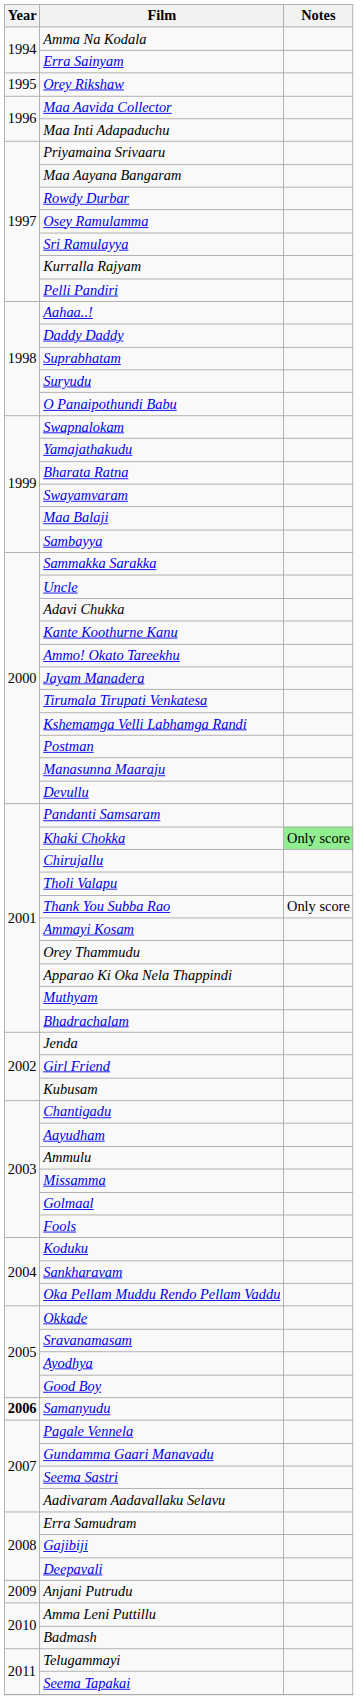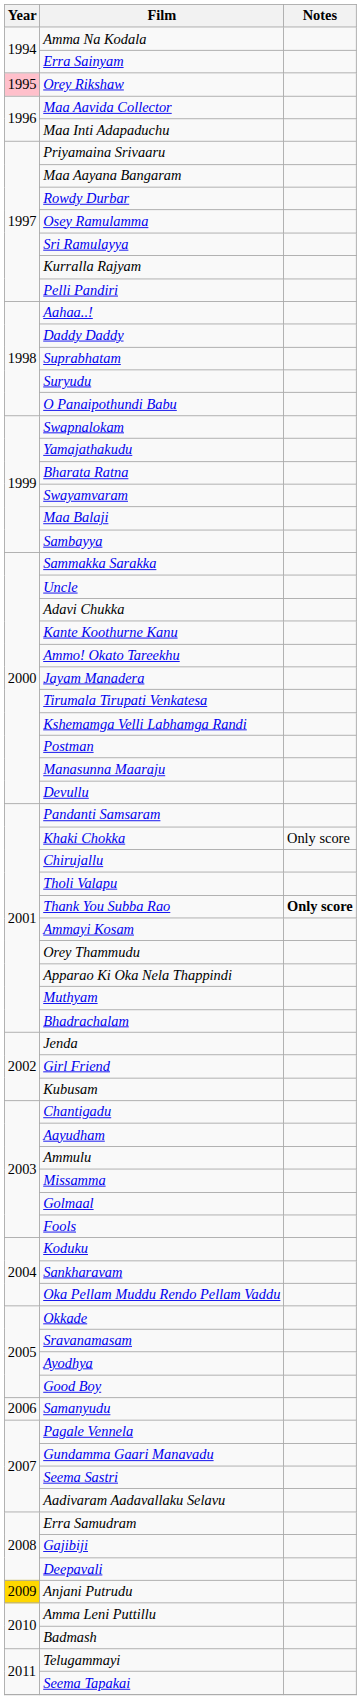 <table class="wikitable sortable">
 <tr>
 <th>Year</th>
 <th>Film</th>
 <th>Notes</th>
 </tr>
 <tr>
 <td rowspan="2">1994</td>
 <td><em>Amma Na Kodala</em></td>
 <td></td>
 </tr>
 <tr>
 <td><em><a href='#'>Erra Sainyam</a></em></td>
 <td></td>
 </tr>
 <tr>
-<td>1995</td>
+<td style="background: pink;">1995</td>
 <td><em><a href='#'>Orey Rikshaw</a></em></td>
 <td></td>
 </tr>
 <tr>
 <td rowspan="2">1996</td>
 <td><em><a href='#'>Maa Aavida Collector</a></em></td>
 <td></td>
 </tr>
 <tr>
 <td><em>Maa Inti Adapaduchu</em></td>
 <td></td>
 </tr>
 <tr>
 <td rowspan="7">1997</td>
 <td><em>Priyamaina Srivaaru</em></td>
 <td></td>
 </tr>
 <tr>
 <td><em>Maa Aayana Bangaram</em></td>
 <td></td>
 </tr>
 <tr>
 <td><em><a href='#'>Rowdy Durbar</a></em></td>
 <td></td>
 </tr>
 <tr>
 <td><em><a href='#'>Osey Ramulamma</a></em></td>
 <td></td>
 </tr>
 <tr>
 <td><em><a href='#'>Sri Ramulayya</a></em></td>
 <td></td>
 </tr>
 <tr>
 <td><em>Kurralla Rajyam</em></td>
 <td></td>
 </tr>
 <tr>
 <td><em><a href='#'>Pelli Pandiri</a></em></td>
 <td></td>
 </tr>
 <tr>
 <td rowspan="5">1998</td>
 <td><em><a href='#'>Aahaa..!</a></em></td>
 <td></td>
 </tr>
 <tr>
 <td><em><a href='#'>Daddy Daddy</a></em></td>
 <td></td>
 </tr>
 <tr>
 <td><em><a href='#'>Suprabhatam</a></em></td>
 <td></td>
 </tr>
 <tr>
 <td><em><a href='#'>Suryudu</a></em></td>
 <td></td>
 </tr>
 <tr>
 <td><em><a href='#'>O Panaipothundi Babu</a></em></td>
 <td></td>
 </tr>
 <tr>
 <td rowspan="6">1999</td>
 <td><em><a href='#'>Swapnalokam</a></em></td>
 <td></td>
 </tr>
 <tr>
 <td><em><a href='#'>Yamajathakudu</a></em></td>
 <td></td>
 </tr>
 <tr>
 <td><em><a href='#'>Bharata Ratna</a></em></td>
 <td></td>
 </tr>
 <tr>
 <td><em><a href='#'>Swayamvaram</a></em></td>
 <td></td>
 </tr>
 <tr>
 <td><em><a href='#'>Maa Balaji</a></em></td>
 <td></td>
 </tr>
 <tr>
 <td><a href='#'><em>Sambayya</em></a></td>
 <td></td>
 </tr>
 <tr>
 <td rowspan="11">2000</td>
 <td><em><a href='#'>Sammakka Sarakka</a></em></td>
 <td></td>
 </tr>
 <tr>
 <td><em><a href='#'>Uncle</a></em></td>
 <td></td>
 </tr>
 <tr>
 <td><em>Adavi Chukka</em></td>
 <td></td>
 </tr>
 <tr>
 <td><em><a href='#'>Kante Koothurne Kanu</a></em></td>
 <td></td>
 </tr>
 <tr>
 <td><em><a href='#'>Ammo! Okato Tareekhu</a></em></td>
 <td></td>
 </tr>
 <tr>
 <td><em><a href='#'>Jayam Manadera</a></em></td>
 <td></td>
 </tr>
 <tr>
 <td><em><a href='#'>Tirumala Tirupati Venkatesa</a></em></td>
 <td></td>
 </tr>
 <tr>
 <td><em><a href='#'>Kshemamga Velli Labhamga Randi</a></em></td>
 <td></td>
 </tr>
 <tr>
 <td><em><a href='#'>Postman</a></em></td>
 <td></td>
 </tr>
 <tr>
 <td><em><a href='#'>Manasunna Maaraju</a></em></td>
 <td></td>
 </tr>
 <tr>
 <td><em><a href='#'>Devullu</a></em></td>
 <td></td>
 </tr>
 <tr>
 <td rowspan="10">2001</td>
 <td><em><a href='#'>Pandanti Samsaram</a></em></td>
 <td></td>
 </tr>
 <tr>
 <td><em><a href='#'>Khaki Chokka</a></em></td>
-<td style="background: lightgreen;">Only score</td>
+<td>Only score</td>
 </tr>
 <tr>
 <td><em><a href='#'>Chirujallu</a></em></td>
 <td></td>
 </tr>
 <tr>
 <td><em><a href='#'>Tholi Valapu</a></em></td>
 <td></td>
 </tr>
 <tr>
 <td><em><a href='#'>Thank You Subba Rao</a></em></td>
-<td>Only score</td>
+<td><strong>Only score</strong></td>
 </tr>
 <tr>
 <td><em><a href='#'>Ammayi Kosam</a></em></td>
 <td></td>
 </tr>
 <tr>
 <td><em>Orey Thammudu</em></td>
 <td></td>
 </tr>
 <tr>
 <td><em>Apparao Ki Oka Nela Thappindi</em></td>
 <td></td>
 </tr>
 <tr>
 <td><em><a href='#'>Muthyam</a></em></td>
 <td></td>
 </tr>
 <tr>
 <td><em><a href='#'>Bhadrachalam</a></em></td>
 <td></td>
 </tr>
 <tr>
 <td rowspan="3">2002</td>
 <td><em>Jenda</em></td>
 <td></td>
 </tr>
 <tr>
 <td><em><a href='#'>Girl Friend</a></em></td>
 <td></td>
 </tr>
 <tr>
 <td><em>Kubusam</em></td>
 <td></td>
 </tr>
 <tr>
 <td rowspan="6">2003</td>
 <td><em><a href='#'>Chantigadu</a></em></td>
 <td></td>
 </tr>
 <tr>
 <td><em><a href='#'>Aayudham</a></em></td>
 <td></td>
 </tr>
 <tr>
 <td><em>Ammulu</em></td>
 <td></td>
 </tr>
 <tr>
 <td><em><a href='#'>Missamma</a></em></td>
 <td></td>
 </tr>
 <tr>
 <td><em><a href='#'>Golmaal</a></em></td>
 <td></td>
 </tr>
 <tr>
 <td><em><a href='#'>Fools</a></em></td>
 <td></td>
 </tr>
 <tr>
 <td rowspan="3">2004</td>
 <td><em><a href='#'>Koduku</a></em></td>
 <td></td>
 </tr>
 <tr>
 <td><em><a href='#'>Sankharavam</a></em></td>
 <td></td>
 </tr>
 <tr>
 <td><em><a href='#'>Oka Pellam Muddu Rendo Pellam Vaddu</a></em></td>
 <td></td>
 </tr>
 <tr>
 <td rowspan="4">2005</td>
 <td><em><a href='#'>Okkade</a></em></td>
 <td></td>
 </tr>
 <tr>
 <td><em><a href='#'>Sravanamasam</a></em></td>
 <td></td>
 </tr>
 <tr>
 <td><em><a href='#'>Ayodhya</a></em></td>
 <td></td>
 </tr>
 <tr>
 <td><em><a href='#'>Good Boy</a></em></td>
 <td></td>
 </tr>
 <tr>
-<td><strong>2006</strong></td>
+<td>2006</td>
 <td><em><a href='#'>Samanyudu</a></em></td>
 <td></td>
 </tr>
 <tr>
 <td rowspan="4">2007</td>
 <td><em><a href='#'>Pagale Vennela</a></em></td>
 <td></td>
 </tr>
 <tr>
 <td><em><a href='#'>Gundamma Gaari Manavadu</a></em></td>
 <td></td>
 </tr>
 <tr>
 <td><em><a href='#'>Seema Sastri</a></em></td>
 <td></td>
 </tr>
 <tr>
 <td><em>Aadivaram Aadavallaku Selavu</em></td>
 <td></td>
 </tr>
 <tr>
 <td rowspan="3">2008</td>
 <td><em>Erra Samudram</em></td>
 <td></td>
 </tr>
 <tr>
 <td><em><a href='#'>Gajibiji</a></em></td>
 <td></td>
 </tr>
 <tr>
 <td><em><a href='#'>Deepavali</a></em></td>
 <td></td>
 </tr>
 <tr>
-<td>2009</td>
+<td style="background: gold;">2009</td>
 <td><em>Anjani Putrudu</em></td>
 <td></td>
 </tr>
 <tr>
 <td rowspan="2">2010</td>
 <td><em>Amma Leni Puttillu</em></td>
 <td></td>
 </tr>
 <tr>
 <td><em>Badmash</em></td>
 <td></td>
 </tr>
 <tr>
 <td rowspan="2">2011</td>
 <td><em>Telugammayi</em></td>
 <td></td>
 </tr>
 <tr>
 <td><em><a href='#'>Seema Tapakai</a></em></td>
 <td></td>
 </tr>
 <tr>
 </tr>
 </table>
